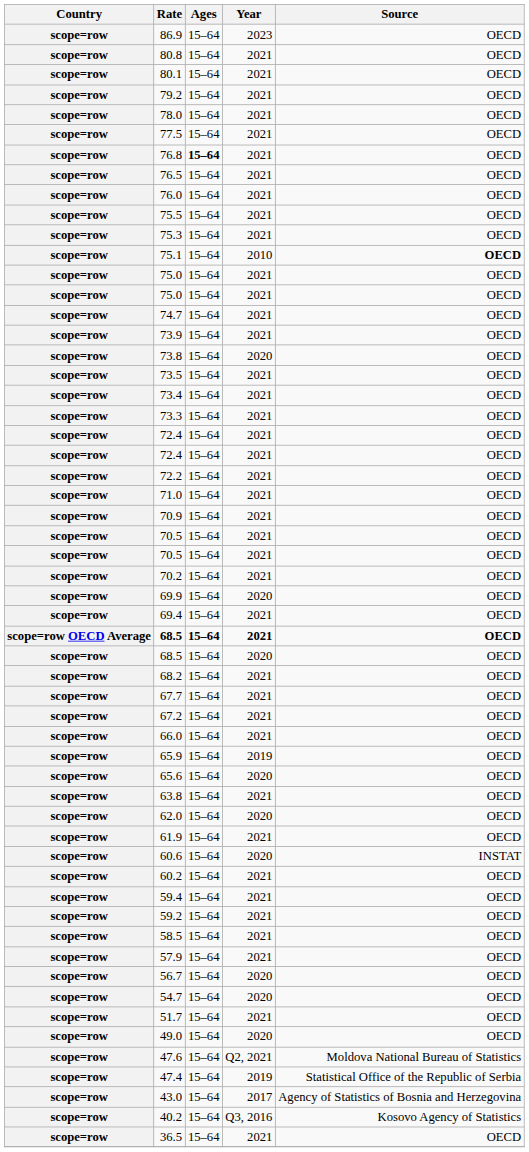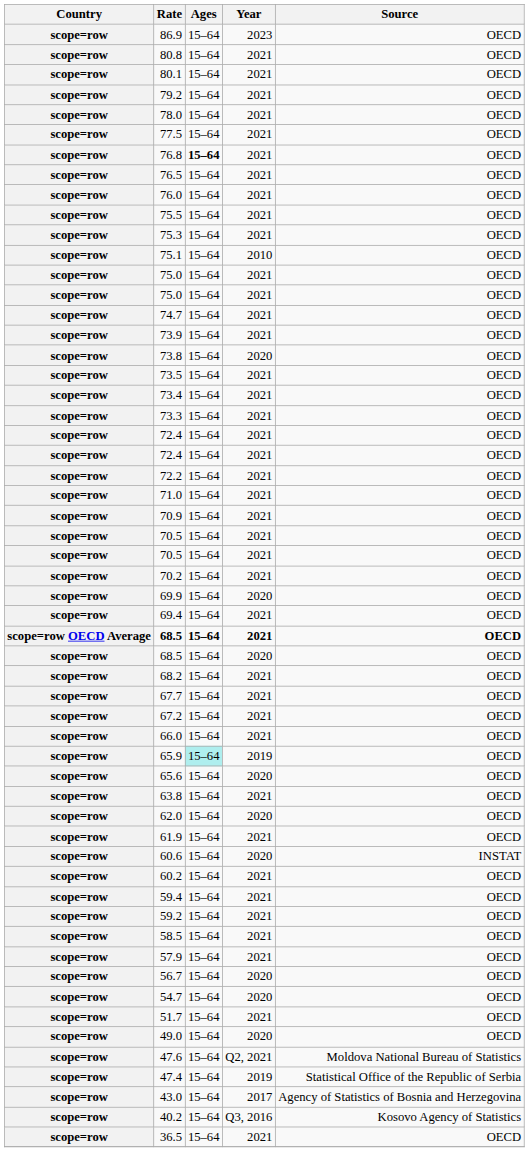 <table class="wikitable sortable static-row-numbers sticky-header" style="text-align:right;" id="stats">
 <tr class="static-row-header" style="text-align:center;vertical-align:bottom;">
 <th>Country</th>
 <th>Rate </th>
 <th>Ages</th>
 <th>Year</th>
 <th>Source</th>
 </tr>
 <tr>
 <th>scope=row </th>
 <td>86.9</td>
 <td>15–64</td>
 <td>2023</td>
 <td>OECD</td>
 </tr>
 <tr>
 <th>scope=row </th>
 <td>80.8</td>
 <td>15–64</td>
 <td>2021</td>
 <td>OECD</td>
 </tr>
 <tr>
 <th>scope=row </th>
 <td>80.1</td>
 <td>15–64</td>
 <td>2021</td>
 <td>OECD</td>
 </tr>
 <tr>
 <th>scope=row </th>
 <td>79.2</td>
 <td>15–64</td>
 <td>2021</td>
 <td>OECD</td>
 </tr>
 <tr>
 <th>scope=row </th>
 <td>78.0</td>
 <td>15–64</td>
 <td>2021</td>
 <td>OECD</td>
 </tr>
 <tr>
 <th>scope=row </th>
 <td>77.5</td>
 <td>15–64</td>
 <td>2021</td>
 <td>OECD</td>
 </tr>
 <tr>
 <th>scope=row </th>
 <td>76.8</td>
 <td><strong>15–64</strong></td>
 <td>2021</td>
 <td>OECD</td>
 </tr>
 <tr>
 <th>scope=row </th>
 <td>76.5</td>
 <td>15–64</td>
 <td>2021</td>
 <td>OECD</td>
 </tr>
 <tr>
 <th>scope=row </th>
 <td>76.0</td>
 <td>15–64</td>
 <td>2021</td>
 <td>OECD</td>
 </tr>
 <tr>
 <th>scope=row </th>
 <td>75.5</td>
 <td>15–64</td>
 <td>2021</td>
 <td>OECD</td>
 </tr>
 <tr>
 <th>scope=row </th>
 <td>75.3</td>
 <td>15–64</td>
 <td>2021</td>
 <td>OECD</td>
 </tr>
 <tr>
 <th>scope=row </th>
 <td>75.1</td>
 <td>15–64</td>
 <td>2010</td>
-<td><strong>OECD</strong></td>
+<td>OECD</td>
 </tr>
 <tr>
 <th>scope=row </th>
 <td>75.0</td>
 <td>15–64</td>
 <td>2021</td>
 <td>OECD</td>
 </tr>
 <tr>
 <th>scope=row </th>
 <td>75.0</td>
 <td>15–64</td>
 <td>2021</td>
 <td>OECD</td>
 </tr>
 <tr>
 <th>scope=row </th>
 <td>74.7</td>
 <td>15–64</td>
 <td>2021</td>
 <td>OECD</td>
 </tr>
 <tr>
 <th>scope=row </th>
 <td>73.9</td>
 <td>15–64</td>
 <td>2021</td>
 <td>OECD</td>
 </tr>
 <tr>
 <th>scope=row </th>
 <td>73.8</td>
 <td>15–64</td>
 <td>2020</td>
 <td>OECD</td>
 </tr>
 <tr>
 <th>scope=row </th>
 <td>73.5</td>
 <td>15–64</td>
 <td>2021</td>
 <td>OECD</td>
 </tr>
 <tr>
 <th>scope=row </th>
 <td>73.4</td>
 <td>15–64</td>
 <td>2021</td>
 <td>OECD</td>
 </tr>
 <tr>
 <th>scope=row </th>
 <td>73.3</td>
 <td>15–64</td>
 <td>2021</td>
 <td>OECD</td>
 </tr>
 <tr>
 <th>scope=row </th>
 <td>72.4</td>
 <td>15–64</td>
 <td>2021</td>
 <td>OECD</td>
 </tr>
 <tr>
 <th>scope=row </th>
 <td>72.4</td>
 <td>15–64</td>
 <td>2021</td>
 <td>OECD</td>
 </tr>
 <tr>
 <th>scope=row </th>
 <td>72.2</td>
 <td>15–64</td>
 <td>2021</td>
 <td>OECD</td>
 </tr>
 <tr>
 <th>scope=row </th>
 <td>71.0</td>
 <td>15–64</td>
 <td>2021</td>
 <td>OECD</td>
 </tr>
 <tr>
 <th>scope=row </th>
 <td>70.9</td>
 <td>15–64</td>
 <td>2021</td>
 <td>OECD</td>
 </tr>
 <tr>
 <th>scope=row </th>
 <td>70.5</td>
 <td>15–64</td>
 <td>2021</td>
 <td>OECD</td>
 </tr>
 <tr>
 <th>scope=row </th>
 <td>70.5</td>
 <td>15–64</td>
 <td>2021</td>
 <td>OECD</td>
 </tr>
 <tr>
 <th>scope=row </th>
 <td>70.2</td>
 <td>15–64</td>
 <td>2021</td>
 <td>OECD</td>
 </tr>
 <tr>
 <th>scope=row </th>
 <td>69.9</td>
 <td>15–64</td>
 <td>2020</td>
 <td>OECD</td>
 </tr>
 <tr>
 <th>scope=row </th>
 <td>69.4</td>
 <td>15–64</td>
 <td>2021</td>
 <td>OECD</td>
 </tr>
 <tr class="static-row-header " style="font-weight:bold;">
 <th>scope=row   <strong><a href='#'>OECD</a> Average</strong></th>
 <td>68.5</td>
 <td>15–64</td>
 <td>2021</td>
 <td>OECD</td>
 </tr>
 <tr>
 <th>scope=row </th>
 <td>68.5</td>
 <td>15–64</td>
 <td>2020</td>
 <td>OECD</td>
 </tr>
 <tr>
 <th>scope=row </th>
 <td>68.2</td>
 <td>15–64</td>
 <td>2021</td>
 <td>OECD</td>
 </tr>
 <tr>
 <th>scope=row </th>
 <td>67.7</td>
 <td>15–64</td>
 <td>2021</td>
 <td>OECD</td>
 </tr>
 <tr>
 <th>scope=row </th>
 <td>67.2</td>
 <td>15–64</td>
 <td>2021</td>
 <td>OECD</td>
 </tr>
 <tr>
 <th>scope=row </th>
 <td>66.0</td>
 <td>15–64</td>
 <td>2021</td>
 <td>OECD</td>
 </tr>
 <tr>
 <th>scope=row </th>
 <td>65.9</td>
-<td>15–64</td>
+<td style="background: paleturquoise;">15–64</td>
 <td>2019</td>
 <td>OECD</td>
 </tr>
 <tr>
 <th>scope=row </th>
 <td>65.6</td>
 <td>15–64</td>
 <td>2020</td>
 <td>OECD</td>
 </tr>
 <tr>
 <th>scope=row </th>
 <td>63.8</td>
 <td>15–64</td>
 <td>2021</td>
 <td>OECD</td>
 </tr>
 <tr>
 <th>scope=row </th>
 <td>62.0</td>
 <td>15–64</td>
 <td>2020</td>
 <td>OECD</td>
 </tr>
 <tr>
 <th>scope=row </th>
 <td>61.9</td>
 <td>15–64</td>
 <td>2021</td>
 <td>OECD</td>
 </tr>
 <tr>
 <th>scope=row </th>
 <td>60.6</td>
 <td>15–64</td>
 <td>2020</td>
 <td>INSTAT</td>
 </tr>
 <tr>
 <th>scope=row </th>
 <td>60.2</td>
 <td>15–64</td>
 <td>2021</td>
 <td>OECD</td>
 </tr>
 <tr>
 <th>scope=row </th>
 <td>59.4</td>
 <td>15–64</td>
 <td>2021</td>
 <td>OECD</td>
 </tr>
 <tr>
 <th>scope=row </th>
 <td>59.2</td>
 <td>15–64</td>
 <td>2021</td>
 <td>OECD</td>
 </tr>
 <tr>
 <th>scope=row </th>
 <td>58.5</td>
 <td>15–64</td>
 <td>2021</td>
 <td>OECD</td>
 </tr>
 <tr>
 <th>scope=row </th>
 <td>57.9</td>
 <td>15–64</td>
 <td>2021</td>
 <td>OECD</td>
 </tr>
 <tr>
 <th>scope=row </th>
 <td>56.7</td>
 <td>15–64</td>
 <td>2020</td>
 <td>OECD</td>
 </tr>
 <tr>
 <th>scope=row </th>
 <td>54.7</td>
 <td>15–64</td>
 <td>2020</td>
 <td>OECD</td>
 </tr>
 <tr>
 <th>scope=row </th>
 <td>51.7</td>
 <td>15–64</td>
 <td>2021</td>
 <td>OECD</td>
 </tr>
 <tr>
 <th>scope=row </th>
 <td>49.0</td>
 <td>15–64</td>
 <td>2020</td>
 <td>OECD</td>
 </tr>
 <tr>
 <th>scope=row </th>
 <td>47.6</td>
 <td>15–64</td>
 <td>Q2, 2021</td>
 <td>Moldova National Bureau of Statistics</td>
 </tr>
 <tr>
 <th>scope=row </th>
 <td>47.4</td>
 <td>15–64</td>
 <td>2019</td>
 <td>Statistical Office of the Republic of Serbia</td>
 </tr>
 <tr>
 <th>scope=row </th>
 <td>43.0</td>
 <td>15–64</td>
 <td>2017</td>
 <td>Agency of Statistics of Bosnia and Herzegovina</td>
 </tr>
 <tr>
 <th>scope=row </th>
 <td>40.2</td>
 <td>15–64</td>
 <td>Q3, 2016</td>
 <td>Kosovo Agency of Statistics</td>
 </tr>
 <tr>
 <th>scope=row </th>
 <td>36.5</td>
 <td>15–64</td>
 <td>2021</td>
 <td>OECD</td>
 </tr>
 <tr>
 </tr>
 </table>
